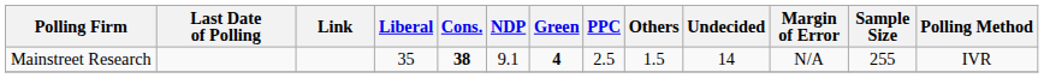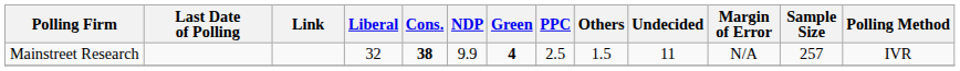 <table class="wikitable sortable" style="text-align:center;font-size:90%;line-height:14px;">
 <tr style="background:#e9e9e9;">
 <th style="width:120px">Polling Firm</th>
 <th style="width:110px">Last Date<br>of Polling</th>
 <th style="width:60px" class="unsortable">Link</th>
 <th style="background-color:"><a href='#'>Liberal</a></th>
 <th style="background-color:"><a href='#'>Cons.</a></th>
 <th style="background-color:"><a href='#'>NDP</a></th>
 <th style="background-color:"><a href='#'>Green</a></th>
 <th style="background-color:"><a href='#'><span>PPC</span></a></th>
 <th style="background-color:">Others</th>
 <th style="background-color:">Undecided</th>
 <th style="width:60px;" class=unsortable>Margin<br>of Error</th>
 <th style="width:50px;" class=unsortable>Sample<br>Size</th>
 <th class=unsortable>Polling Method</th>
 </tr>
 <tr>
 <td>Mainstreet Research</td>
 <td></td>
 <td></td>
-<td>35</td>
+<td>32</td>
 <td><strong>38</strong></td>
-<td>9.1</td>
+<td>9.9</td>
 <td><strong>4</strong></td>
 <td>2.5</td>
 <td>1.5</td>
-<td>14</td>
+<td>11</td>
 <td>N/A</td>
-<td>255</td>
+<td>257</td>
 <td>IVR</td>
 </tr>
 <tr>
 </tr>
 </table>
